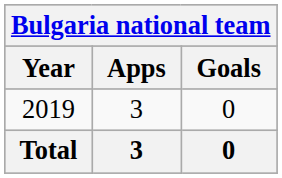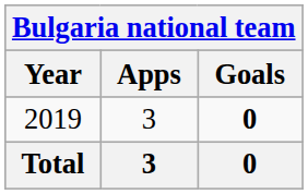 <table class="wikitable" style="text-align:center">
 <tr>
 <th colspan=3><a href='#'>Bulgaria national team</a></th>
 </tr>
 <tr>
 <th>Year</th>
 <th>Apps</th>
 <th>Goals</th>
 </tr>
 <tr>
 <td>2019</td>
 <td>3</td>
-<td>0</td>
+<td><strong>0</strong></td>
 </tr>
 <tr>
 <th>Total</th>
 <th>3</th>
 <th>0</th>
 </tr>
 </table>
